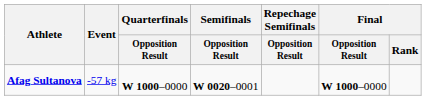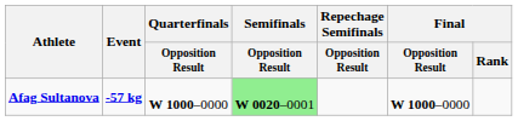 <table class="wikitable">
 <tr>
 <th rowspan="2">Athlete</th>
 <th rowspan="2">Event</th>
 <th>Quarterfinals</th>
 <th>Semifinals</th>
 <th>Repechage <br>Semifinals</th>
 <th colspan="2">Final</th>
 </tr>
 <tr>
 <th style="line-height:1em"><small>Opposition<br>Result</small></th>
 <th style="line-height:1em"><small>Opposition<br>Result</small></th>
 <th style="line-height:1em"><small>Opposition<br>Result</small></th>
 <th style="line-height:1em"><small>Opposition<br>Result</small></th>
 <th style="line-height:1em">Rank</th>
 </tr>
 <tr align=center>
 <td align=left><strong><a href='#'>Afag Sultanova</a></strong></td>
-<td align=left><a href='#'>-57 kg</a></td>
+<td align=left><strong><a href='#'>-57 kg</a></strong></td>
 <td><br><strong>W</strong> <strong>1000</strong>–0000</td>
-<td><br><strong>W</strong> <strong>0020</strong>–0001</td>
+<td style="background: lightgreen;"><br><strong>W</strong> <strong>0020</strong>–0001</td>
 <td></td>
 <td><br><strong>W</strong> <strong>1000</strong>–0000</td>
 <td></td>
 </tr>
 </table>
